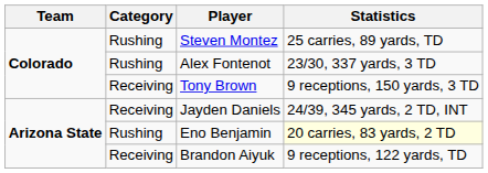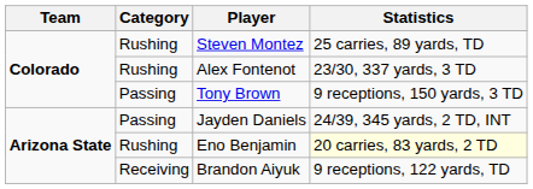 <table class="wikitable" style="float: right;">
 <tr>
 <th>Team</th>
 <th>Category</th>
 <th>Player</th>
 <th>Statistics</th>
 </tr>
 <tr>
 <td rowspan=3><strong>Colorado</strong></td>
 <td>Rushing</td>
 <td><a href='#'>Steven Montez</a></td>
 <td>25 carries, 89 yards, TD</td>
 </tr>
 <tr>
 <td>Rushing</td>
 <td>Alex Fontenot</td>
 <td>23/30, 337 yards, 3 TD</td>
 </tr>
 <tr>
-<td>Receiving</td>
+<td>Passing</td>
 <td><a href='#'>Tony Brown</a></td>
 <td>9 receptions, 150 yards, 3 TD</td>
 </tr>
 <tr>
 <td rowspan=3><strong>Arizona State</strong></td>
-<td>Receiving</td>
+<td>Passing</td>
 <td>Jayden Daniels</td>
 <td>24/39, 345 yards, 2 TD, INT</td>
 </tr>
 <tr>
 <td>Rushing</td>
 <td>Eno Benjamin</td>
 <td style="background: lightyellow;">20 carries, 83 yards, 2 TD</td>
 </tr>
 <tr>
 <td>Receiving</td>
 <td>Brandon Aiyuk</td>
 <td>9 receptions, 122 yards, TD</td>
 </tr>
 </table>
